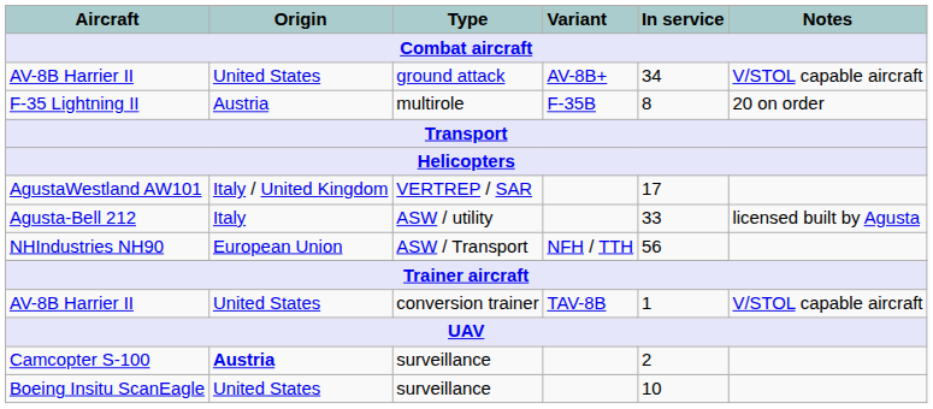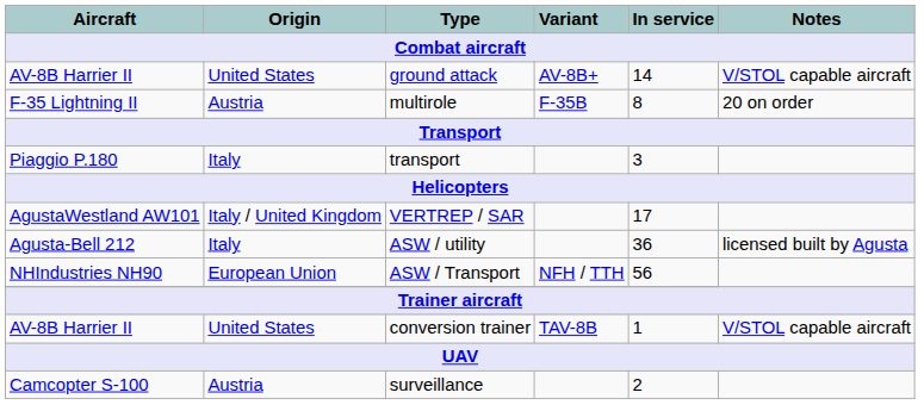 <table class="wikitable">
 <tr>
 <th style="text-align:center; background:#acc;">Aircraft</th>
 <th style="text-align: center; background:#acc;">Origin</th>
 <th style="text-align:l center; background:#acc;">Type</th>
 <th style="text-align:left; background:#acc;">Variant</th>
 <th style="text-align:center; background:#acc;">In service</th>
 <th style="text-align: center; background:#acc;">Notes</th>
 </tr>
 <tr>
 <th style="align: center; background: lavender;" colspan="6"><a href='#'>Combat aircraft</a></th>
 </tr>
 <tr>
 <td><a href='#'>AV-8B Harrier II</a></td>
 <td><a href='#'>United States</a></td>
 <td><a href='#'>ground attack</a></td>
 <td><a href='#'>AV-8B+</a></td>
-<td>34</td>
+<td>14</td>
 <td><a href='#'>V/STOL</a> capable aircraft</td>
 </tr>
 <tr>
 <td><a href='#'>F-35 Lightning II</a></td>
 <td><a href='#'>Austria</a></td>
 <td>multirole</td>
 <td><a href='#'>F-35B</a></td>
 <td>8</td>
 <td>20 on order</td>
 </tr>
 <tr>
 <th style="align: center; background: lavender;" colspan="6"><a href='#'>Transport</a></th>
+</tr>
+<tr>
+<td><a href='#'>Piaggio P.180</a></td>
+<td><a href='#'>Italy</a></td>
+<td>transport</td>
+<td></td>
+<td>3</td>
+<td></td>
 </tr>
 <tr>
 <th style="align: center; background: lavender;" colspan="6"><a href='#'>Helicopters</a></th>
 </tr>
 <tr>
 <td><a href='#'>AgustaWestland AW101</a></td>
 <td><a href='#'>Italy</a> / <a href='#'>United Kingdom</a></td>
 <td><a href='#'>VERTREP</a> / <a href='#'>SAR</a></td>
 <td></td>
 <td>17</td>
 <td></td>
 </tr>
 <tr>
 <td><a href='#'>Agusta-Bell 212</a></td>
 <td><a href='#'>Italy</a></td>
 <td><a href='#'>ASW</a> / utility</td>
 <td></td>
-<td>33</td>
+<td>36</td>
 <td>licensed built by <a href='#'>Agusta</a></td>
 </tr>
 <tr>
 <td><a href='#'>NHIndustries NH90</a></td>
 <td><a href='#'>European Union</a></td>
 <td><a href='#'>ASW</a> / Transport</td>
 <td><a href='#'>NFH</a> / <a href='#'>TTH</a></td>
 <td>56</td>
 </tr>
 <tr>
 </tr>
 <tr>
 <th style="align: center; background: lavender;" colspan="6"><a href='#'>Trainer aircraft</a></th>
 </tr>
 <tr>
 <td><a href='#'>AV-8B Harrier II</a></td>
 <td><a href='#'>United States</a></td>
 <td>conversion trainer</td>
 <td><a href='#'>TAV-8B</a></td>
 <td>1</td>
 <td><a href='#'>V/STOL</a> capable aircraft</td>
 </tr>
 <tr>
 <th style="align: center; background: lavender;" colspan="6"><a href='#'>UAV</a></th>
 </tr>
 <tr>
 <td><a href='#'>Camcopter S-100</a></td>
-<td><strong><a href='#'>Austria</a></strong></td>
+<td><a href='#'>Austria</a></td>
 <td>surveillance</td>
 <td></td>
 <td>2</td>
 <td></td>
 </tr>
-<tr>
-<td><a href='#'>Boeing Insitu ScanEagle</a></td>
-<td><a href='#'>United States</a></td>
-<td>surveillance</td>
-<td></td>
-<td>10</td>
-<td></td>
-</tr>
 </table>
